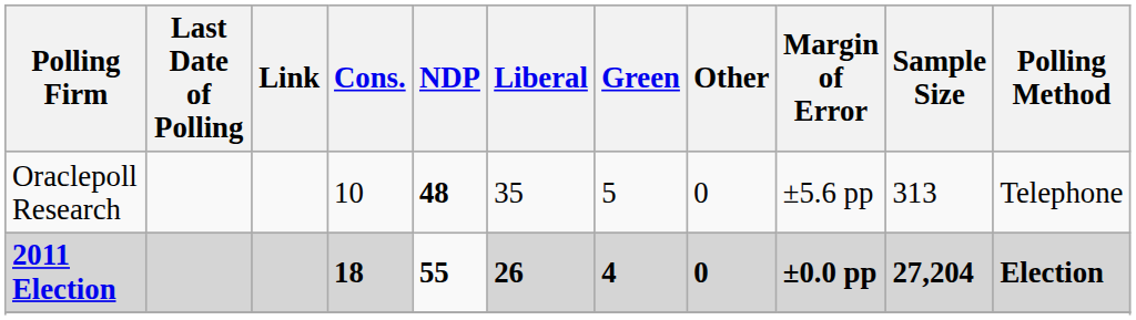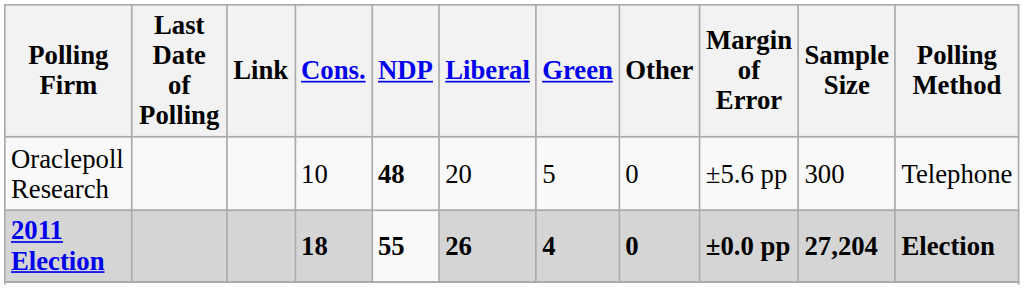 <table class="wikitable sortable">
 <tr style="background:#e9e9e9;">
 <th style="width:120px">Polling Firm</th>
 <th style="width:110px">Last Date<br>of Polling</th>
 <th style="width:60px" class="unsortable">Link</th>
 <th style="background-color:"><strong><a href='#'>Cons.</a></strong></th>
 <th style="background-color:"><strong><a href='#'>NDP</a></strong></th>
 <th style="background-color:"><strong><a href='#'>Liberal</a></strong></th>
 <th style="background-color:"><strong><a href='#'>Green</a></strong></th>
 <th style="background-color:"><strong>Other</strong></th>
 <th style="width:60px;" class=unsortable>Margin<br>of Error</th>
 <th style="width:50px;" class=unsortable>Sample<br>Size</th>
 <th class=unsortable>Polling Method</th>
 </tr>
 <tr>
 <td>Oraclepoll Research</td>
 <td></td>
 <td></td>
 <td>10</td>
 <td><strong>48</strong></td>
-<td>35</td>
+<td>20</td>
 <td>5</td>
 <td>0</td>
 <td>±5.6 pp</td>
-<td>313</td>
+<td>300</td>
 <td>Telephone</td>
 </tr>
 <tr>
 <td style="background:#D5D5D5"><strong><a href='#'>2011 Election</a></strong></td>
 <td style="background:#D5D5D5"><strong></strong></td>
 <td style="background:#D5D5D5"></td>
 <td style="background:#D5D5D5"><strong>18</strong></td>
 <td><strong>55</strong></td>
 <td style="background:#D5D5D5"><strong>26</strong></td>
 <td style="background:#D5D5D5"><strong>4</strong></td>
 <td style="background:#D5D5D5"><strong>0</strong></td>
 <td style="background:#D5D5D5"><strong>±0.0 pp</strong></td>
 <td style="background:#D5D5D5"><strong>27,204</strong></td>
 <td style="background:#D5D5D5"><strong>Election</strong></td>
 </tr>
 <tr>
 </tr>
 <tr>
 </tr>
 </table>
